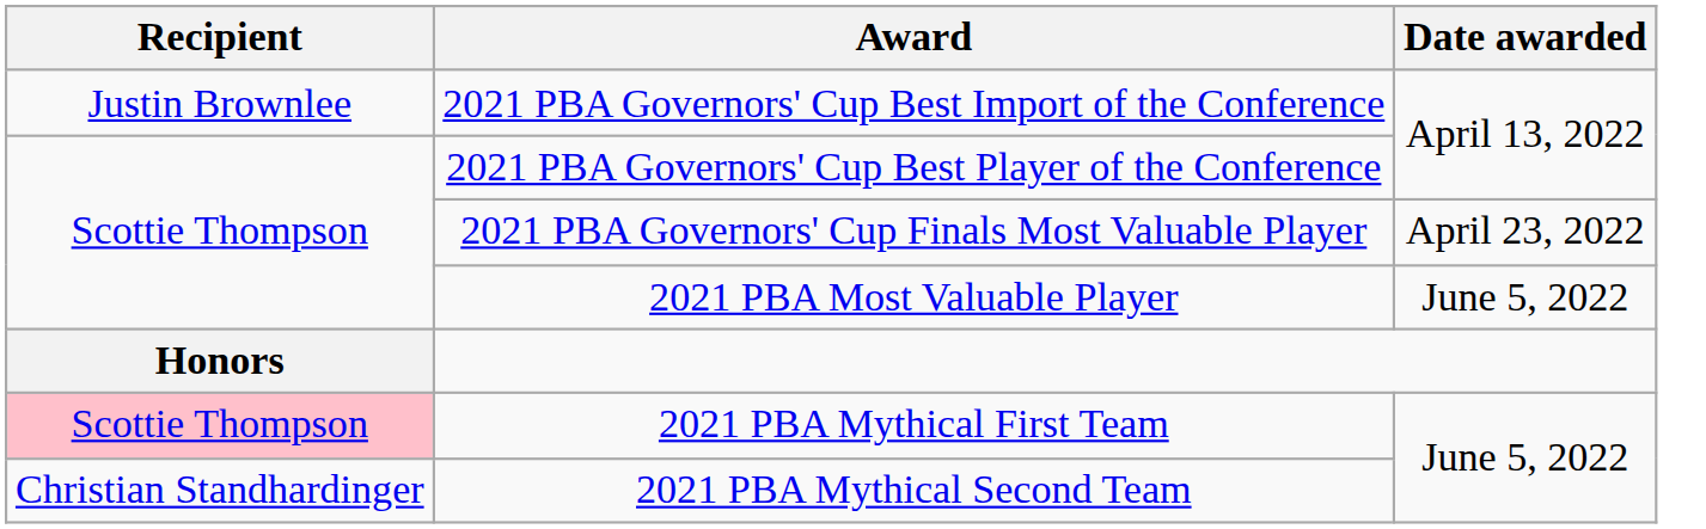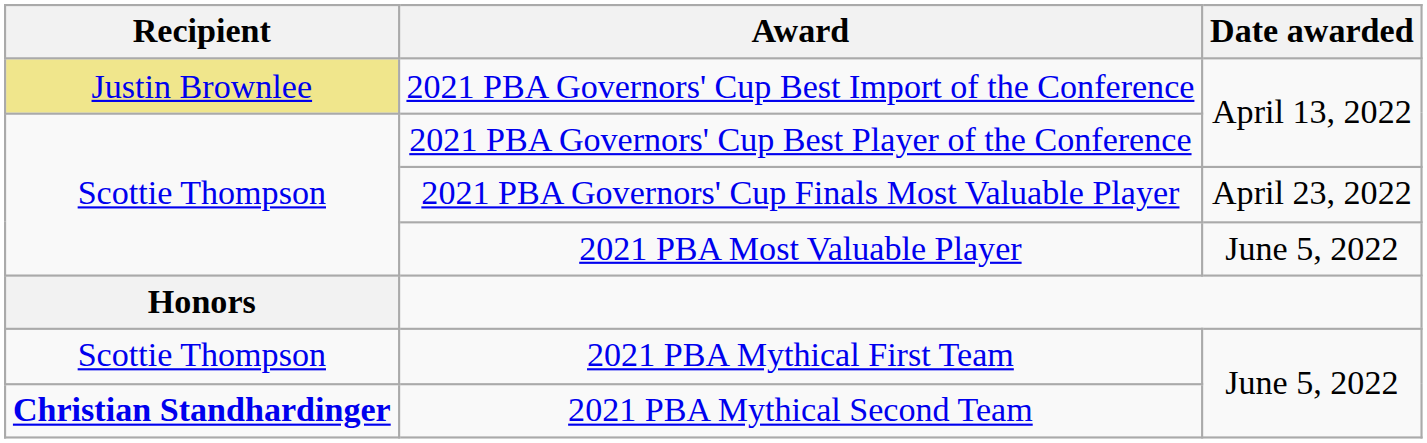 <table class="wikitable sortable sortable" style="text-align: center">
 <tr>
 <th>Recipient</th>
 <th>Award</th>
 <th>Date awarded</th>
 </tr>
 <tr>
-<td><a href='#'>Justin Brownlee</a></td>
+<td style="background: khaki;"><a href='#'>Justin Brownlee</a></td>
 <td><a href='#'>2021 PBA Governors' Cup Best Import of the Conference</a></td>
 <td rowspan=2>April 13, 2022</td>
 </tr>
 <tr>
 <td rowspan=3><a href='#'>Scottie Thompson</a></td>
 <td><a href='#'>2021 PBA Governors' Cup Best Player of the Conference</a></td>
 </tr>
 <tr>
 <td><a href='#'>2021 PBA Governors' Cup Finals Most Valuable Player</a></td>
 <td>April 23, 2022</td>
 </tr>
 <tr>
 <td><a href='#'>2021 PBA Most Valuable Player</a></td>
 <td>June 5, 2022</td>
 </tr>
 <tr>
 <th>Honors</th>
 </tr>
 <tr>
-<td style="background: pink;"><a href='#'>Scottie Thompson</a></td>
+<td><a href='#'>Scottie Thompson</a></td>
 <td><a href='#'>2021 PBA Mythical First Team</a></td>
 <td rowspan=2>June 5, 2022</td>
 </tr>
 <tr>
-<td><a href='#'>Christian Standhardinger</a></td>
+<td><strong><a href='#'>Christian Standhardinger</a></strong></td>
 <td><a href='#'>2021 PBA Mythical Second Team</a></td>
 </tr>
 </table>
